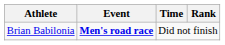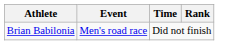 <table class="wikitable" style="font-size:90%">
 <tr>
 <th>Athlete</th>
 <th>Event</th>
 <th>Time</th>
 <th>Rank</th>
 </tr>
 <tr align=center>
 <td align=left><a href='#'>Brian Babilonia</a></td>
-<td align=left><strong><a href='#'>Men's road race</a></strong></td>
+<td align=left><a href='#'>Men's road race</a></td>
 <td colspan=2>Did not finish</td>
 </tr>
 </table>
